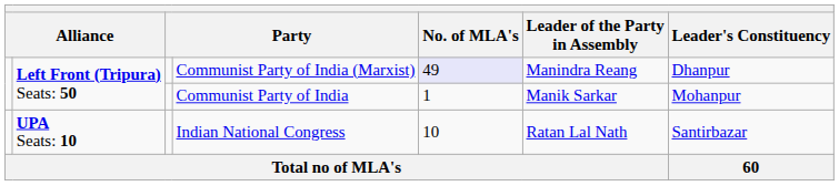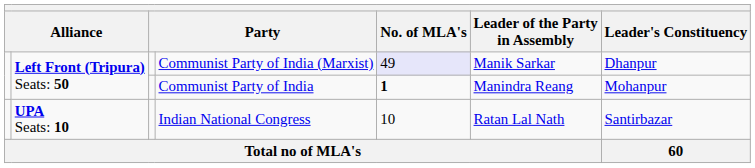 <table class="wikitable">
 <tr>
 <th colspan=10></th>
 </tr>
 <tr>
 <th colspan="2">Alliance</th>
 <th colspan="2">Party</th>
 <th>No. of MLA's</th>
 <th>Leader of the Party<br>in Assembly</th>
 <th>Leader's Constituency</th>
 </tr>
 <tr>
 <td rowspan="2" style="background:"></td>
 <td rowspan="2"><strong><a href='#'>Left Front (Tripura)</a></strong><br>Seats: <strong>50</strong></td>
 <td style="background:"></td>
 <td><a href='#'>Communist Party of India (Marxist)</a></td>
 <td style="background: lavender;">49</td>
-<td><a href='#'>Manindra Reang</a></td>
+<td><a href='#'>Manik Sarkar</a></td>
 <td><a href='#'>Dhanpur</a></td>
 </tr>
 <tr>
 <td style="background:"></td>
 <td><a href='#'>Communist Party of India</a></td>
-<td>1</td>
-<td><a href='#'>Manik Sarkar</a></td>
+<td><strong>1</strong></td>
+<td><a href='#'>Manindra Reang</a></td>
 <td><a href='#'>Mohanpur</a></td>
 </tr>
 <tr>
 <td rowspan="1" style="background:"></td>
 <td rowspan="1"><a href='#'><strong>UPA</strong></a><br>Seats: <strong>10</strong></td>
 <td style="background:"></td>
 <td><a href='#'>Indian National Congress</a></td>
 <td>10</td>
 <td><a href='#'>Ratan Lal Nath</a></td>
 <td><a href='#'>Santirbazar</a></td>
 </tr>
 <tr>
 <th colspan="6">Total no of MLA's</th>
 <th colspan="3">60</th>
 </tr>
 </table>
